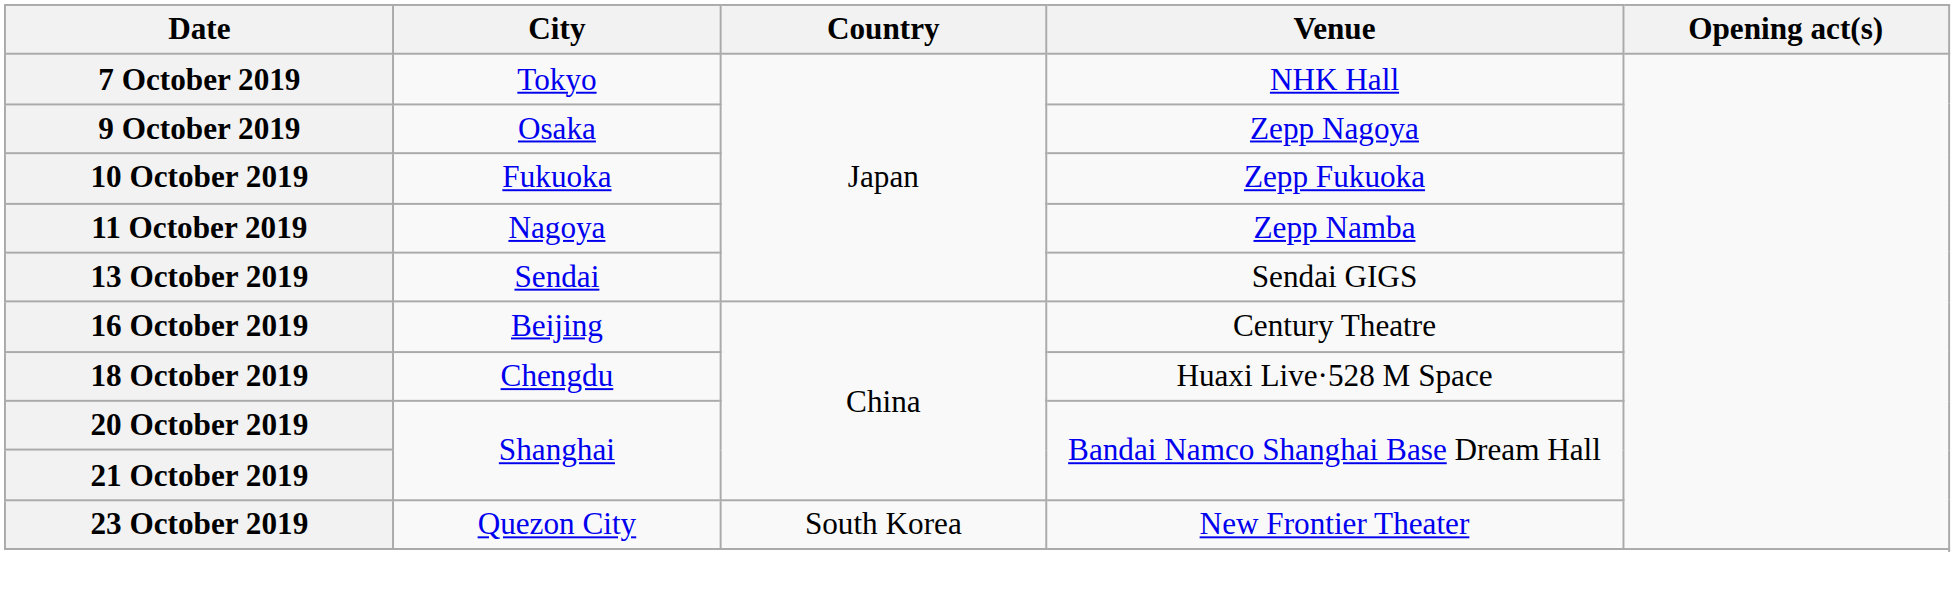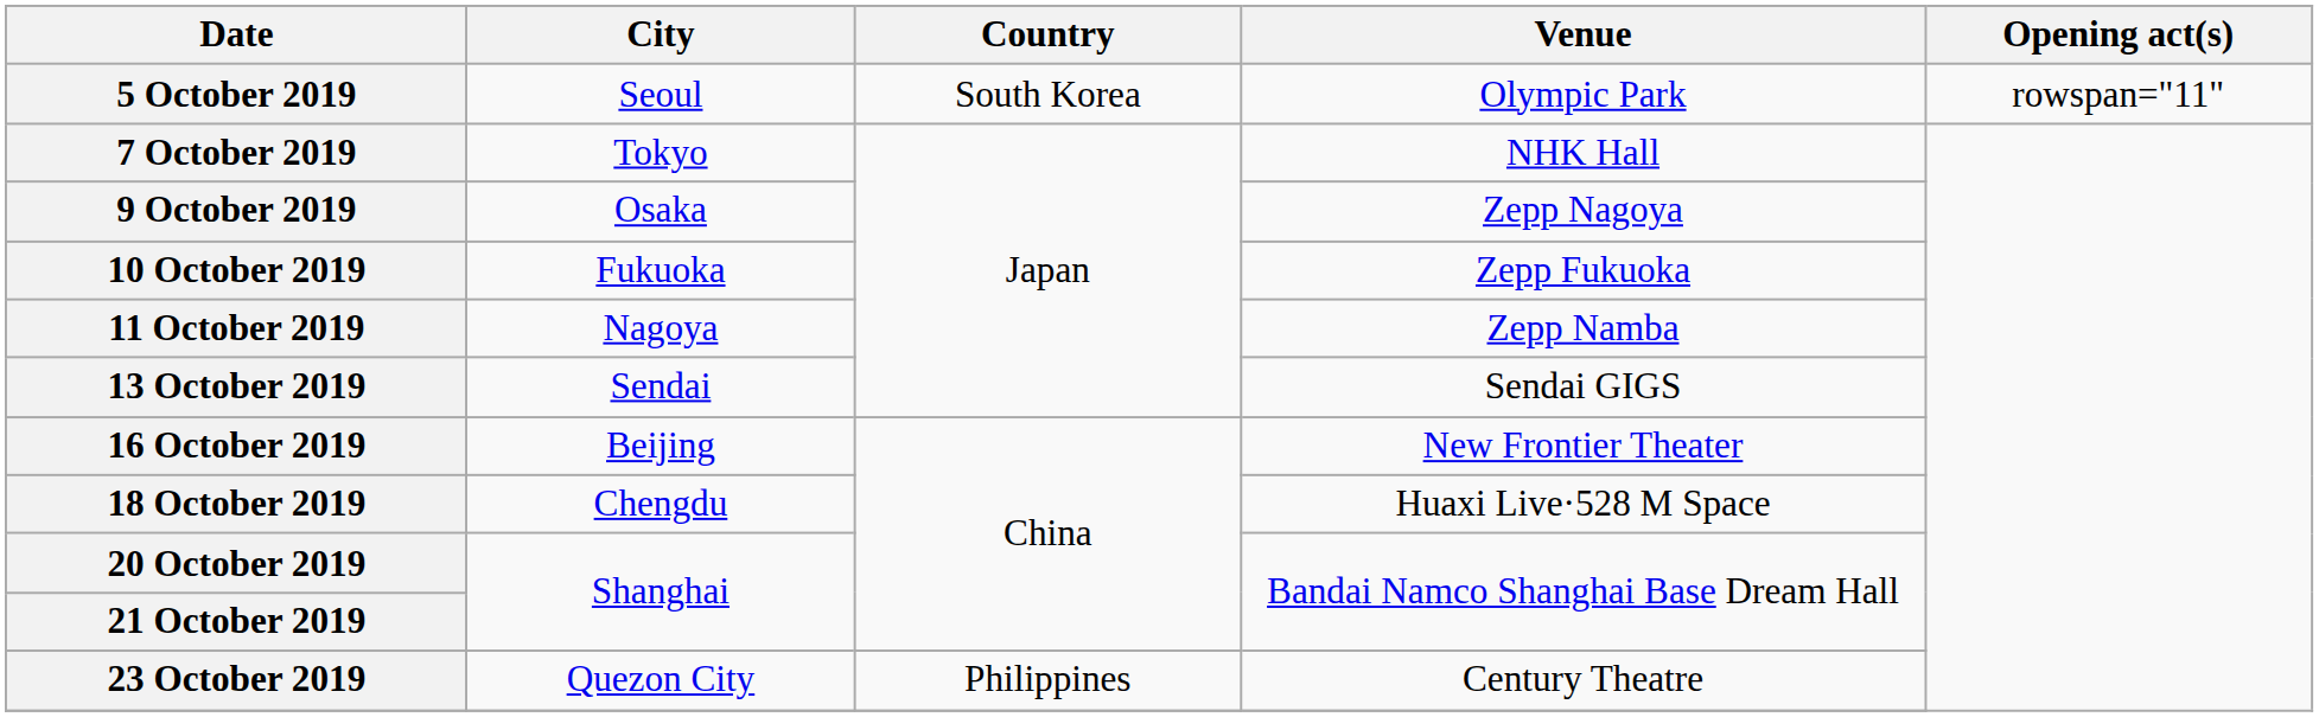 <table class="wikitable plainrowheaders" style="text-align:center;">
 <tr>
 <th scope="col" style="width:12em;">Date</th>
 <th scope="col" style="width:10em;">City</th>
 <th scope="col" style="width:10em;">Country</th>
 <th scope="col" style="width:18em;">Venue</th>
 <th scope="col" style="width:10em;">Opening act(s)</th>
+</tr>
+<tr>
+<th scope="row">5 October 2019</th>
+<td><a href='#'>Seoul</a></td>
+<td>South Korea</td>
+<td><a href='#'>Olympic Park</a></td>
+<td>rowspan="11" </td>
 </tr>
 <tr>
 <th scope="row">7 October 2019</th>
 <td><a href='#'>Tokyo</a></td>
 <td rowspan="5">Japan</td>
 <td><a href='#'>NHK Hall</a></td>
 </tr>
 <tr>
 <th scope="row">9 October 2019</th>
 <td><a href='#'>Osaka</a></td>
 <td><a href='#'>Zepp Nagoya</a></td>
 </tr>
 <tr>
 <th scope="row">10 October 2019</th>
 <td><a href='#'>Fukuoka</a></td>
 <td><a href='#'>Zepp Fukuoka</a></td>
 </tr>
 <tr>
 <th scope="row">11 October 2019</th>
 <td><a href='#'>Nagoya</a></td>
 <td><a href='#'>Zepp Namba</a></td>
 </tr>
 <tr>
 <th scope="row">13 October 2019</th>
 <td><a href='#'>Sendai</a></td>
 <td>Sendai GIGS</td>
 </tr>
 <tr>
 <th scope="row">16 October 2019</th>
 <td><a href='#'>Beijing</a></td>
 <td rowspan="4">China</td>
-<td>Century Theatre</td>
+<td><a href='#'>New Frontier Theater</a></td>
 </tr>
 <tr>
 <th scope="row">18 October 2019</th>
 <td><a href='#'>Chengdu</a></td>
 <td>Huaxi Live·528 M Space</td>
 </tr>
 <tr>
 <th scope="row">20 October 2019</th>
 <td rowspan="2"><a href='#'>Shanghai</a></td>
 <td rowspan="2"><a href='#'>Bandai Namco Shanghai Base</a> Dream Hall</td>
 </tr>
 <tr>
 <th scope="row">21 October 2019</th>
 </tr>
 <tr>
 <th scope="row">23 October 2019</th>
 <td><a href='#'>Quezon City</a></td>
-<td>South Korea</td>
-<td><a href='#'>New Frontier Theater</a></td>
+<td>Philippines</td>
+<td>Century Theatre</td>
 </tr>
 <tr>
 </tr>
 </table>
